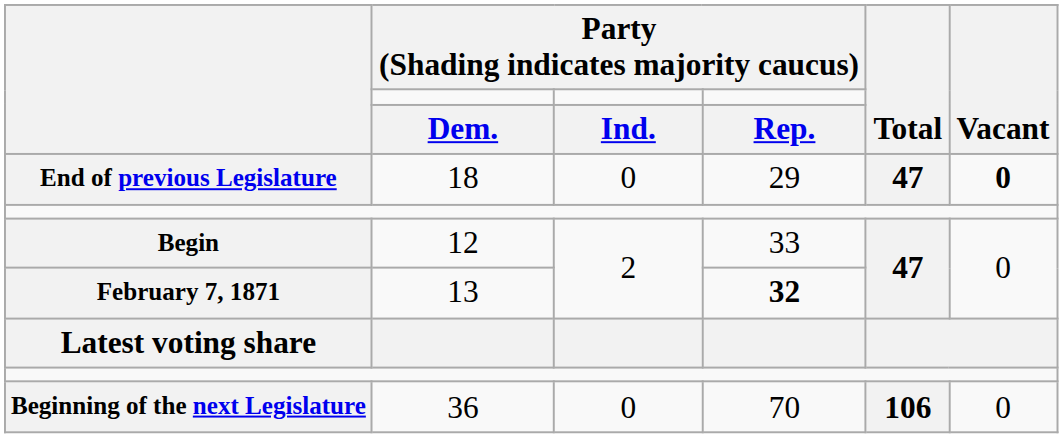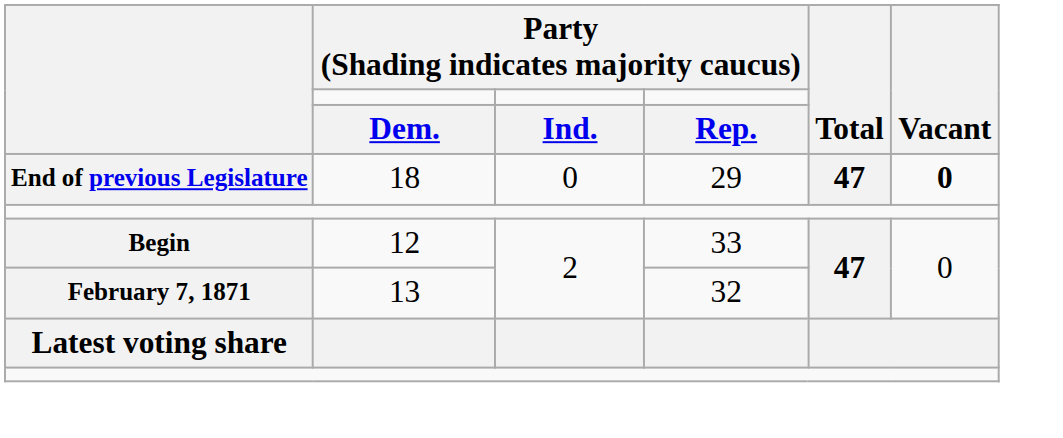 <table class=wikitable style="text-align:center">
 <tr style="vertical-align:bottom;">
 <th rowspan=3></th>
 <th colspan=3>Party <div>(Shading indicates majority caucus)</div></th>
 <th rowspan=3>Total</th>
 <th rowspan=3>Vacant</th>
 </tr>
 <tr style="height:5px">
 <td style="background-color:"></td>
 <td style="background-color:"></td>
 <td style="background-color:"></td>
 </tr>
 <tr>
 <th><a href='#'>Dem.</a></th>
 <th><a href='#'>Ind.</a></th>
 <th><a href='#'>Rep.</a></th>
 </tr>
 <tr>
 <th style="white-space:nowrap; font-size:80%;">End of <a href='#'>previous Legislature</a></th>
 <td>18</td>
 <td>0</td>
 <td>29</td>
 <th>47</th>
 <td><strong>0</strong></td>
 </tr>
 <tr>
 <td colspan=6></td>
 </tr>
 <tr>
 <th style="font-size:80%">Begin</th>
 <td>12</td>
 <td rowspan=2>2</td>
 <td>33</td>
 <th rowspan=2>47</th>
 <td rowspan=2>0</td>
 </tr>
 <tr>
 <th style="font-size:80%">February 7, 1871 </th>
 <td>13</td>
-<td><strong>32</strong></td>
+<td>32</td>
 </tr>
 <tr>
 <th>Latest voting share</th>
 <th></th>
 <th></th>
 <th></th>
 <th colspan=2></th>
 </tr>
 <tr>
 <td colspan=6></td>
 </tr>
-<tr>
-<th style="white-space:nowrap; font-size:80%;">Beginning of the <a href='#'>next Legislature</a></th>
-<td>36</td>
-<td>0</td>
-<td>70</td>
-<th>106</th>
-<td>0</td>
-</tr>
 </table>
